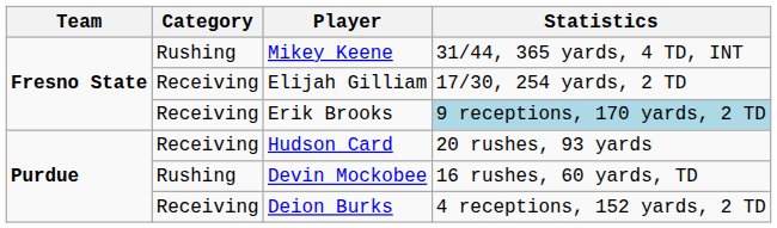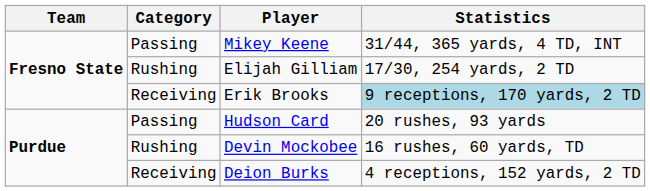 <table class="wikitable" style="float: right;">
 <tr>
 <th>Team</th>
 <th>Category</th>
 <th>Player</th>
 <th>Statistics</th>
 </tr>
 <tr>
 <td rowspan=3><strong>Fresno State</strong></td>
-<td>Rushing</td>
+<td>Passing</td>
 <td><a href='#'>Mikey Keene</a></td>
 <td>31/44, 365 yards, 4 TD, INT</td>
 </tr>
 <tr>
-<td>Receiving</td>
+<td>Rushing</td>
 <td>Elijah Gilliam</td>
 <td>17/30, 254 yards, 2 TD</td>
 </tr>
 <tr>
 <td>Receiving</td>
 <td>Erik Brooks</td>
 <td style="background: lightblue;">9 receptions, 170 yards, 2 TD</td>
 </tr>
 <tr>
 <td rowspan=3><strong>Purdue</strong></td>
-<td>Receiving</td>
+<td>Passing</td>
 <td><a href='#'>Hudson Card</a></td>
 <td>20 rushes, 93 yards</td>
 </tr>
 <tr>
 <td>Rushing</td>
 <td><a href='#'>Devin Mockobee</a></td>
 <td>16 rushes, 60 yards, TD</td>
 </tr>
 <tr>
 <td>Receiving</td>
 <td><a href='#'>Deion Burks</a></td>
 <td>4 receptions, 152 yards, 2 TD</td>
 </tr>
 </table>
